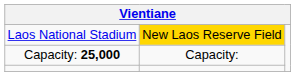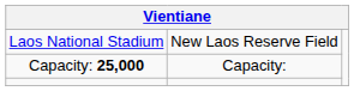 <table class="wikitable" style="margin:1em auto; text-align:center;">
 <tr>
 <th colspan=3><a href='#'>Vientiane</a></th>
 </tr>
 <tr>
 <td><a href='#'>Laos National Stadium</a></td>
-<td style="background: gold;">New Laos Reserve Field</td>
+<td>New Laos Reserve Field</td>
 <td rowspan=3></td>
 </tr>
 <tr>
 <td>Capacity: <strong>25,000</strong></td>
 <td>Capacity: </td>
 </tr>
 <tr>
 <td></td>
 <td></td>
 </tr>
 </table>
